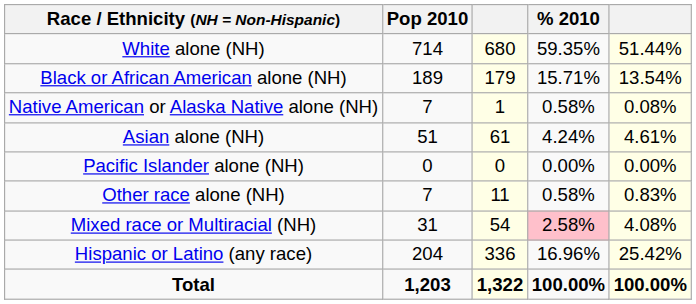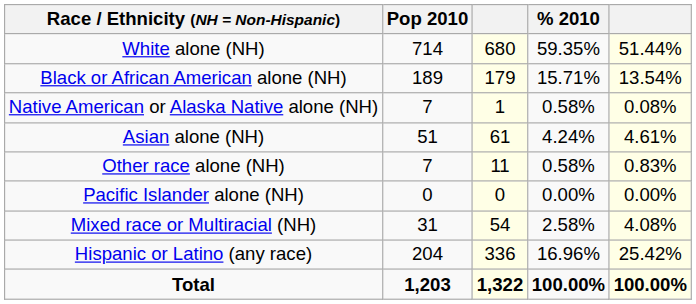 <table class="wikitable" style="text-align:center;">
 <tr>
 <th>Race / Ethnicity <small>(<em>NH = Non-Hispanic</em>)</small></th>
 <th>Pop 2010</th>
 <th></th>
 <th>% 2010</th>
 <th></th>
 </tr>
 <tr>
 <td><a href='#'>White</a> alone (NH)</td>
 <td>714</td>
 <td style='background: #ffffe6;'>680</td>
 <td>59.35%</td>
 <td style='background: #ffffe6;'>51.44%</td>
 </tr>
 <tr>
 <td><a href='#'>Black or African American</a> alone (NH)</td>
 <td>189</td>
 <td style='background: #ffffe6;'>179</td>
 <td>15.71%</td>
 <td style='background: #ffffe6;'>13.54%</td>
 </tr>
 <tr>
 <td><a href='#'>Native American</a> or <a href='#'>Alaska Native</a> alone (NH)</td>
 <td>7</td>
 <td style='background: #ffffe6;'>1</td>
 <td>0.58%</td>
 <td style='background: #ffffe6;'>0.08%</td>
 </tr>
 <tr>
 <td><a href='#'>Asian</a> alone (NH)</td>
 <td>51</td>
 <td style='background: #ffffe6;'>61</td>
 <td>4.24%</td>
 <td style='background: #ffffe6;'>4.61%</td>
 </tr>
 <tr>
+<td><a href='#'>Other race</a> alone (NH)</td>
+<td>7</td>
+<td style='background: #ffffe6;'>11</td>
+<td>0.58%</td>
+<td style='background: #ffffe6;'>0.83%</td>
+</tr>
+<tr>
 <td><a href='#'>Pacific Islander</a> alone (NH)</td>
 <td>0</td>
 <td style='background: #ffffe6;'>0</td>
 <td>0.00%</td>
 <td style='background: #ffffe6;'>0.00%</td>
 </tr>
 <tr>
-<td><a href='#'>Other race</a> alone (NH)</td>
-<td>7</td>
-<td style='background: #ffffe6;'>11</td>
-<td>0.58%</td>
-<td style='background: #ffffe6;'>0.83%</td>
-</tr>
-<tr>
 <td><a href='#'>Mixed race or Multiracial</a> (NH)</td>
 <td>31</td>
 <td style='background: #ffffe6;'>54</td>
-<td style="background: pink;">2.58%</td>
+<td>2.58%</td>
 <td style='background: #ffffe6;'>4.08%</td>
 </tr>
 <tr>
 <td><a href='#'>Hispanic or Latino</a> (any race)</td>
 <td>204</td>
 <td style='background: #ffffe6;'>336</td>
 <td>16.96%</td>
 <td style='background: #ffffe6;'>25.42%</td>
 </tr>
 <tr>
 <td><strong>Total</strong></td>
 <td><strong>1,203</strong></td>
 <td style='background: #ffffe6;'><strong>1,322</strong></td>
 <td><strong>100.00%</strong></td>
 <td style='background: #ffffe6;'><strong>100.00%</strong></td>
 </tr>
 </table>
